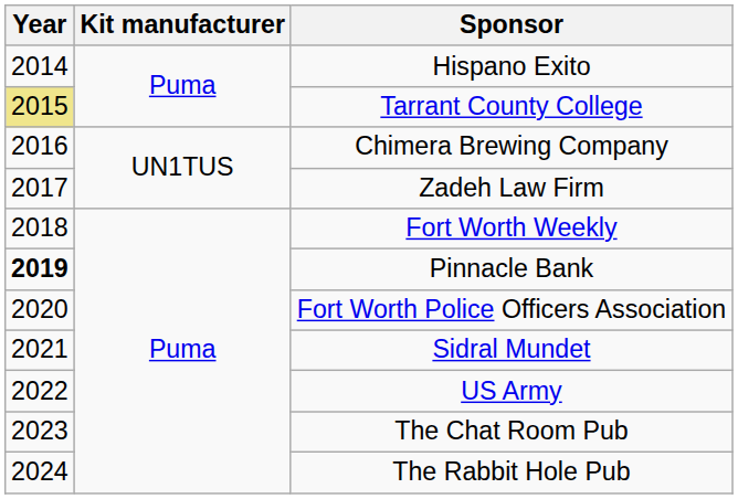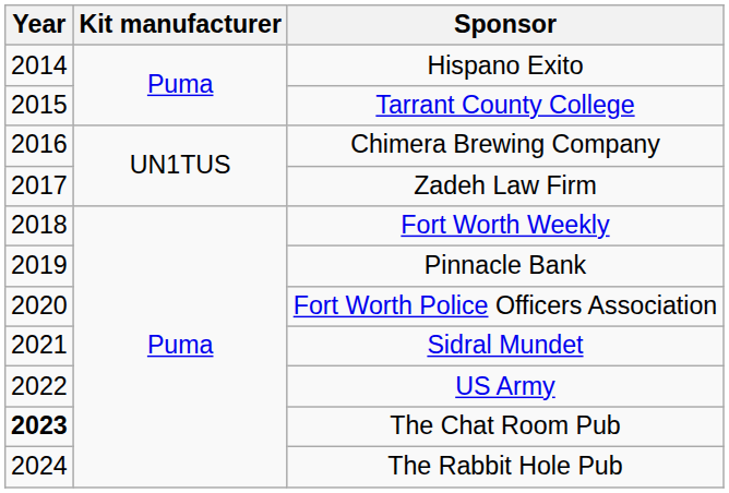 <table class="wikitable" style="text-align: center">
 <tr>
 <th>Year</th>
 <th>Kit manufacturer</th>
 <th>Sponsor</th>
 </tr>
 <tr>
 <td>2014</td>
 <td rowspan="2"> <a href='#'>Puma</a></td>
 <td>Hispano Exito</td>
 </tr>
 <tr>
-<td style="background: khaki;">2015</td>
+<td>2015</td>
 <td><a href='#'>Tarrant County College</a></td>
 </tr>
 <tr>
 <td>2016</td>
 <td rowspan="2"> UN1TUS</td>
 <td>Chimera Brewing Company</td>
 </tr>
 <tr>
 <td>2017</td>
 <td>Zadeh Law Firm</td>
 </tr>
 <tr>
 <td>2018</td>
 <td rowspan="7"> <a href='#'>Puma</a></td>
 <td><a href='#'>Fort Worth Weekly</a></td>
 </tr>
 <tr>
-<td><strong>2019</strong></td>
+<td>2019</td>
 <td>Pinnacle Bank</td>
 </tr>
 <tr>
 <td>2020</td>
 <td><a href='#'>Fort Worth Police</a> Officers Association</td>
 </tr>
 <tr>
 <td>2021</td>
 <td><a href='#'>Sidral Mundet</a></td>
 </tr>
 <tr>
 <td>2022</td>
 <td><a href='#'>US Army</a></td>
 </tr>
 <tr>
-<td>2023</td>
+<td><strong>2023</strong></td>
 <td>The Chat Room Pub</td>
 </tr>
 <tr>
 <td>2024</td>
 <td>The Rabbit Hole Pub</td>
 </tr>
 </table>
